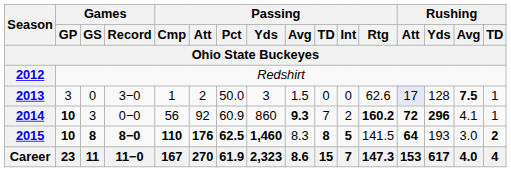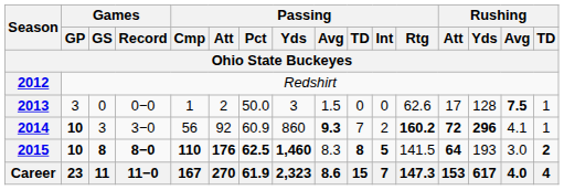 <table class="wikitable" style="text-align:center;">
 <tr>
 <th rowspan="2">Season</th>
 <th colspan="3">Games</th>
 <th colspan="8">Passing</th>
 <th colspan="5">Rushing</th>
 </tr>
 <tr>
 <th>GP</th>
 <th>GS</th>
 <th>Record</th>
 <th>Cmp</th>
 <th>Att</th>
 <th>Pct</th>
 <th>Yds</th>
 <th>Avg</th>
 <th>TD</th>
 <th>Int</th>
 <th>Rtg</th>
 <th>Att</th>
 <th>Yds</th>
 <th>Avg</th>
 <th>TD</th>
 </tr>
 <tr>
 <th colspan="16">Ohio State Buckeyes</th>
 </tr>
 <tr>
 <th><a href='#'>2012</a></th>
 <td colspan="15"><em>Redshirt </em></td>
 </tr>
 <tr>
 <th><a href='#'>2013</a></th>
 <td>3</td>
 <td>0</td>
-<td>3−0</td>
+<td>0−0</td>
 <td>1</td>
 <td>2</td>
 <td>50.0</td>
 <td>3</td>
 <td>1.5</td>
 <td>0</td>
 <td>0</td>
 <td>62.6</td>
-<td style="background: lavender;">17</td>
+<td>17</td>
 <td>128</td>
 <td><strong>7.5</strong></td>
 <td>1</td>
 </tr>
 <tr>
 <th><a href='#'>2014</a></th>
 <td><strong>10</strong></td>
 <td>3</td>
-<td>0−0</td>
+<td>3−0</td>
 <td>56</td>
 <td>92</td>
 <td>60.9</td>
 <td>860</td>
 <td><strong>9.3</strong></td>
 <td>7</td>
 <td>2</td>
 <td><strong>160.2</strong></td>
 <td><strong>72</strong></td>
 <td><strong>296</strong></td>
 <td>4.1</td>
 <td>1</td>
 </tr>
 <tr>
 <th><a href='#'>2015</a></th>
 <td><strong>10</strong></td>
 <td><strong>8</strong></td>
 <td><strong>8−0</strong></td>
 <td><strong>110</strong></td>
 <td><strong>176</strong></td>
 <td><strong>62.5</strong></td>
 <td><strong>1,460</strong></td>
 <td>8.3</td>
 <td><strong>8</strong></td>
 <td><strong>5</strong></td>
 <td>141.5</td>
 <td><strong>64</strong></td>
 <td>193</td>
 <td>3.0</td>
 <td><strong>2</strong></td>
 </tr>
 <tr>
 <th>Career</th>
 <th>23</th>
 <th>11</th>
 <th>11−0</th>
 <th>167</th>
 <th>270</th>
 <th>61.9</th>
 <th>2,323</th>
 <th>8.6</th>
 <th>15</th>
 <th>7</th>
 <th>147.3</th>
 <th>153</th>
 <th>617</th>
 <th>4.0</th>
 <th>4</th>
 </tr>
 </table>
